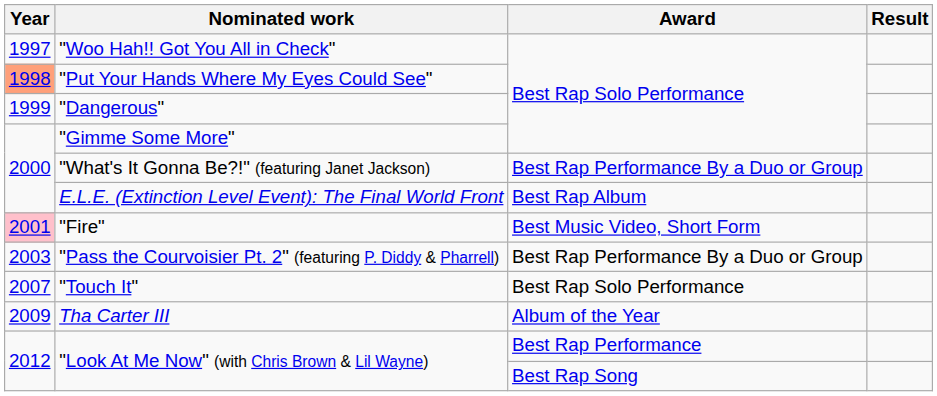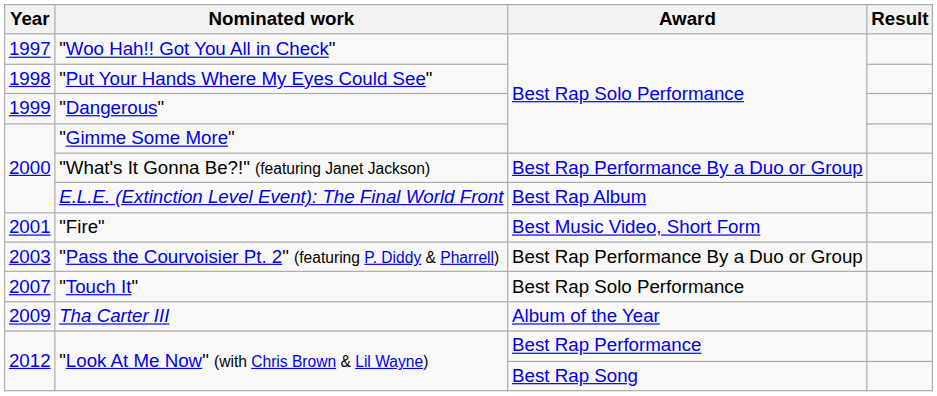 <table class="wikitable">
 <tr>
 <th>Year</th>
 <th>Nominated work</th>
 <th>Award</th>
 <th>Result</th>
 </tr>
 <tr>
 <td align=center><a href='#'>1997</a></td>
 <td>"<a href='#'>Woo Hah!! Got You All in Check</a>"</td>
 <td rowspan="4"><a href='#'>Best Rap Solo Performance</a></td>
 <td></td>
 </tr>
 <tr>
-<td align=center style="background: lightsalmon;"><a href='#'>1998</a></td>
+<td align=center><a href='#'>1998</a></td>
 <td>"<a href='#'>Put Your Hands Where My Eyes Could See</a>"</td>
 <td></td>
 </tr>
 <tr>
 <td align=center><a href='#'>1999</a></td>
 <td>"<a href='#'>Dangerous</a>"</td>
 <td></td>
 </tr>
 <tr>
 <td style="text-align:center;" rowspan="3"><a href='#'>2000</a></td>
 <td>"<a href='#'>Gimme Some More</a>"</td>
 <td></td>
 </tr>
 <tr>
 <td>"What's It Gonna Be?!" <small>(featuring Janet Jackson)</small></td>
 <td><a href='#'>Best Rap Performance By a Duo or Group</a></td>
 <td></td>
 </tr>
 <tr>
 <td><em><a href='#'>E.L.E. (Extinction Level Event): The Final World Front</a></em></td>
 <td><a href='#'>Best Rap Album</a></td>
 <td></td>
 </tr>
 <tr>
-<td align=center style="background: pink;"><a href='#'>2001</a></td>
+<td align=center><a href='#'>2001</a></td>
 <td>"Fire"</td>
 <td><a href='#'>Best Music Video, Short Form</a></td>
 <td></td>
 </tr>
 <tr>
 <td align=center><a href='#'>2003</a></td>
 <td>"<a href='#'>Pass the Courvoisier Pt. 2</a>" <small>(featuring <a href='#'>P. Diddy</a> & <a href='#'>Pharrell</a>)</small></td>
 <td>Best Rap Performance By a Duo or Group</td>
 <td></td>
 </tr>
 <tr>
 <td align=center><a href='#'>2007</a></td>
 <td>"<a href='#'>Touch It</a>"</td>
 <td>Best Rap Solo Performance</td>
 <td></td>
 </tr>
 <tr>
 <td align=center><a href='#'>2009</a></td>
 <td><em><a href='#'>Tha Carter III</a></em></td>
 <td><a href='#'>Album of the Year</a></td>
 <td></td>
 </tr>
 <tr>
 <td style="text-align:center;" rowspan="2"><a href='#'>2012</a></td>
 <td rowspan="2">"<a href='#'>Look At Me Now</a>" <small>(with <a href='#'>Chris Brown</a> & <a href='#'>Lil Wayne</a>)</small></td>
 <td><a href='#'>Best Rap Performance</a></td>
 <td></td>
 </tr>
 <tr>
 <td><a href='#'>Best Rap Song</a></td>
 <td></td>
 </tr>
 </table>
